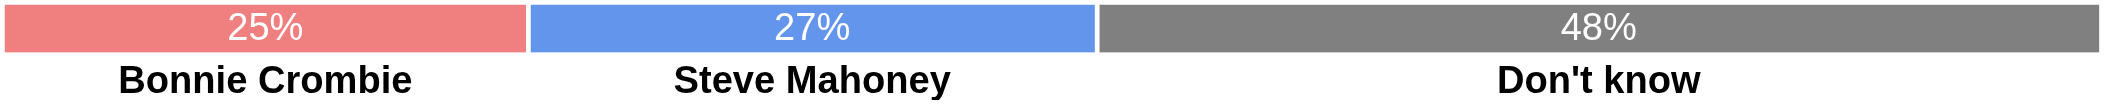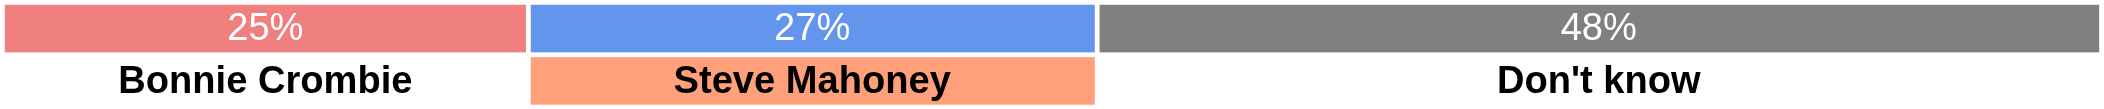 <table style="width:100%; text-align:center;">
 <tr style="color:white;">
 <td style="background:lightcoral; width:25%;">25%</td>
 <td style="background:cornflowerblue; width:27%;">27%</td>
 <td style="background:gray; width:48%;">48%</td>
 </tr>
 <tr>
 <td><span><strong>Bonnie Crombie</strong></span></td>
-<td><span><strong>Steve Mahoney</strong></span></td>
+<td style="background: lightsalmon;"><span><strong>Steve Mahoney</strong></span></td>
 <td><span><strong>Don't know</strong></span></td>
 </tr>
 </table>
